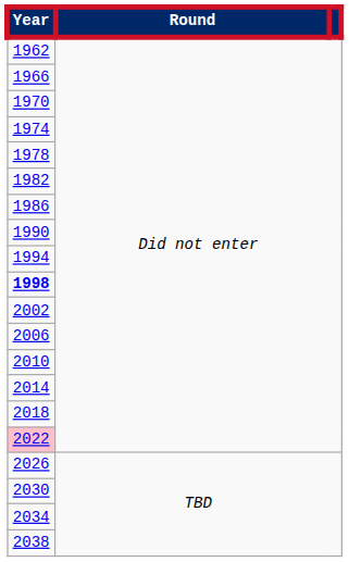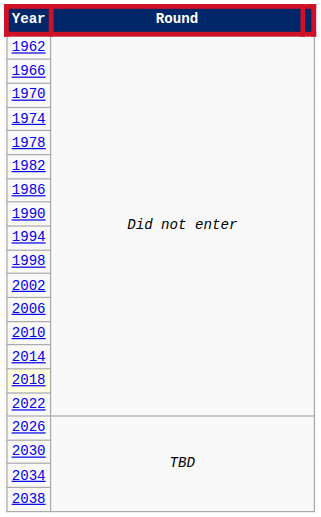 <table class="wikitable" style="text-align: center; font-size:90%">
 <tr style="color:white;">
 <th style="background:#002868; border: 4px solid #CE1126; ">Year</th>
 <th style="background:#002868; border: 4px solid #CE1126; width:200px">Round</th>
 <th style="background:#002868; border: 4px solid #CE1126;"></th>
 </tr>
 <tr>
 <td><a href='#'>1962</a></td>
 <td colspan="2" rowspan="16"><em>Did not enter</em></td>
 </tr>
 <tr>
 <td><a href='#'>1966</a></td>
 </tr>
 <tr>
 <td><a href='#'>1970</a></td>
 </tr>
 <tr>
 <td><a href='#'>1974</a></td>
 </tr>
 <tr>
 <td><a href='#'>1978</a></td>
 </tr>
 <tr>
 <td><a href='#'>1982</a></td>
 </tr>
 <tr>
 <td><a href='#'>1986</a></td>
 </tr>
 <tr>
 <td><a href='#'>1990</a></td>
 </tr>
 <tr>
 <td><a href='#'>1994</a></td>
 </tr>
 <tr>
-<td><strong><a href='#'>1998</a></strong></td>
+<td><a href='#'>1998</a></td>
 </tr>
 <tr>
 <td><a href='#'>2002</a></td>
 </tr>
 <tr>
 <td><a href='#'>2006</a></td>
 </tr>
 <tr>
 <td><a href='#'>2010</a></td>
 </tr>
 <tr>
 <td><a href='#'>2014</a></td>
 </tr>
 <tr>
-<td><a href='#'>2018</a></td>
+<td style="background: lightyellow;"><a href='#'>2018</a></td>
 </tr>
 <tr>
-<td style="background: pink;"><a href='#'>2022</a></td>
+<td><a href='#'>2022</a></td>
 </tr>
 <tr>
 <td><a href='#'>2026</a></td>
 <td colspan="2" rowspan="4"><em>TBD</em></td>
 </tr>
 <tr>
 <td><a href='#'>2030</a></td>
 </tr>
 <tr>
 <td><a href='#'>2034</a></td>
 </tr>
 <tr>
 <td><a href='#'>2038</a></td>
 </tr>
 </table>
